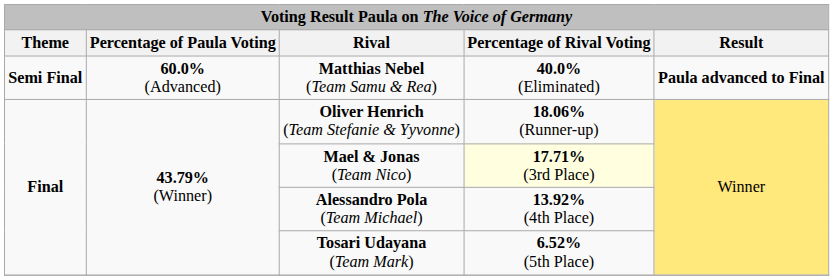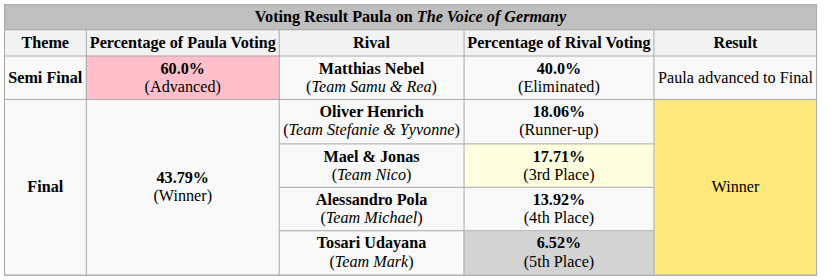 <table Class="wikitable" style="text-align: center;">
 <tr>
 <th colspan="5" style="background:#BFBFBF;">Voting Result Paula on <em>The Voice of Germany</em></th>
 </tr>
 <tr>
 <th>Theme</th>
 <th>Percentage of Paula Voting</th>
 <th>Rival</th>
 <th>Percentage of Rival Voting</th>
 <th>Result</th>
 </tr>
 <tr>
 <td><strong>Semi Final</strong></td>
-<td><strong>60.0%</strong><br>(Advanced)</td>
+<td style="background: pink;"><strong>60.0%</strong><br>(Advanced)</td>
 <td><strong>Matthias Nebel</strong><br>(<em>Team Samu & Rea</em>)</td>
 <td><strong>40.0%</strong><br>(Eliminated)</td>
-<td><strong>Paula advanced to Final</strong></td>
+<td>Paula advanced to Final</td>
 </tr>
 <tr>
 <td rowspan="4"><strong>Final</strong></td>
 <td rowspan="4"><strong>43.79%</strong><br>(Winner)</td>
 <td><strong>Oliver Henrich</strong><br>(<em>Team Stefanie & Yyvonne</em>)</td>
 <td><strong>18.06%</strong><br>(Runner-up)</td>
 <td rowspan="4" style="background:#FFE87C;">Winner</td>
 </tr>
 <tr>
 <td><strong>Mael & Jonas</strong><br>(<em>Team Nico</em>)</td>
 <td style="background: lightyellow;"><strong>17.71%</strong><br>(3rd Place)</td>
 </tr>
 <tr>
 <td><strong>Alessandro Pola </strong><br>(<em>Team Michael</em>)</td>
 <td><strong>13.92%</strong><br>(4th Place)</td>
 </tr>
 <tr>
 <td><strong>Tosari Udayana</strong><br>(<em>Team Mark</em>)</td>
-<td><strong>6.52%</strong><br>(5th Place)</td>
+<td style="background: lightgrey;"><strong>6.52%</strong><br>(5th Place)</td>
 </tr>
 <tr>
 </tr>
 </table>
